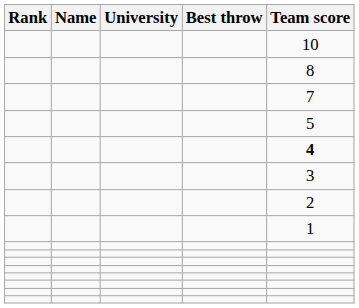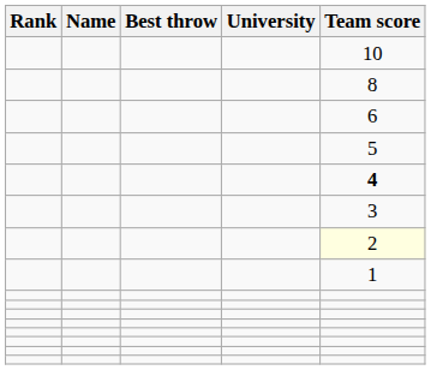 <table class="wikitable sortable" style="text-align:center">
 <tr>
 <th>Rank</th>
 <th>Name</th>
+<th>Best throw</th>
 <th>University</th>
-<th>Best throw</th>
 <th>Team score</th>
 </tr>
 <tr>
 <td></td>
 <td align=left></td>
+<td><strong></strong></td>
 <td></td>
-<td><strong></strong></td>
 <td>10</td>
 </tr>
 <tr>
 <td></td>
 <td align=left></td>
+<td><strong></strong></td>
 <td></td>
-<td><strong></strong></td>
 <td>8</td>
 </tr>
 <tr>
 <td></td>
 <td align=left></td>
+<td><strong></strong></td>
 <td></td>
-<td><strong></strong></td>
-<td>7</td>
+<td>6</td>
 </tr>
 <tr>
 <td></td>
 <td align=left></td>
+<td><strong></strong></td>
 <td></td>
-<td><strong></strong></td>
 <td>5</td>
 </tr>
 <tr>
 <td></td>
 <td align=left></td>
+<td><strong></strong></td>
 <td></td>
-<td><strong></strong></td>
 <td><strong>4</strong></td>
 </tr>
 <tr>
 <td></td>
 <td align=left></td>
+<td><strong></strong></td>
 <td></td>
-<td><strong></strong></td>
 <td>3</td>
 </tr>
 <tr>
 <td></td>
 <td align=left></td>
+<td><strong></strong></td>
 <td></td>
-<td><strong></strong></td>
-<td>2</td>
+<td style="background: lightyellow;">2</td>
 </tr>
 <tr>
 <td></td>
 <td align=left></td>
+<td><strong></strong></td>
 <td></td>
-<td><strong></strong></td>
 <td>1</td>
 </tr>
 <tr>
 <td></td>
 <td align=left></td>
+<td><strong></strong></td>
 <td></td>
-<td><strong></strong></td>
 <td></td>
 </tr>
 <tr>
 <td></td>
 <td align=left></td>
+<td><strong></strong></td>
 <td></td>
-<td><strong></strong></td>
 <td></td>
 </tr>
 <tr>
 <td></td>
 <td align=left></td>
+<td><strong></strong></td>
 <td></td>
-<td><strong></strong></td>
 <td></td>
 </tr>
 <tr>
 <td></td>
 <td align=left></td>
+<td><strong></strong></td>
 <td></td>
-<td><strong></strong></td>
 <td></td>
 </tr>
 <tr>
 <td></td>
 <td align=left></td>
+<td><strong></strong></td>
 <td></td>
-<td><strong></strong></td>
 <td></td>
 </tr>
 <tr>
 <td></td>
 <td align=left></td>
+<td><strong></strong></td>
 <td></td>
-<td><strong></strong></td>
 <td></td>
 </tr>
 <tr>
 <td></td>
 <td align=left></td>
+<td><strong></strong></td>
 <td></td>
-<td><strong></strong></td>
 <td></td>
 </tr>
 <tr>
 <td></td>
 <td align=left></td>
+<td><strong></strong></td>
 <td></td>
-<td><strong></strong></td>
 <td></td>
 </tr>
 </table>
